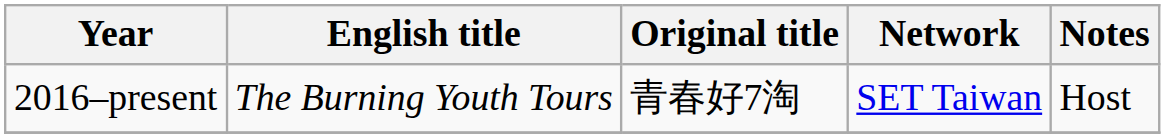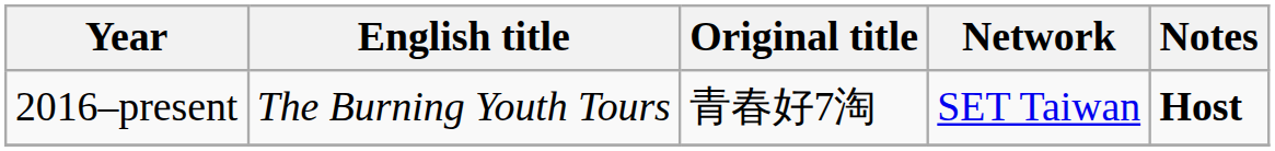 <table class="wikitable sortable">
 <tr>
 <th>Year</th>
 <th>English title</th>
 <th>Original title</th>
 <th>Network</th>
 <th class="unsortable">Notes</th>
 </tr>
 <tr>
 <td>2016–present</td>
 <td><em>The Burning Youth Tours</em></td>
 <td>青春好7淘</td>
 <td><a href='#'>SET Taiwan</a></td>
-<td>Host</td>
+<td><strong>Host</strong></td>
 </tr>
 <tr>
 </tr>
 </table>
